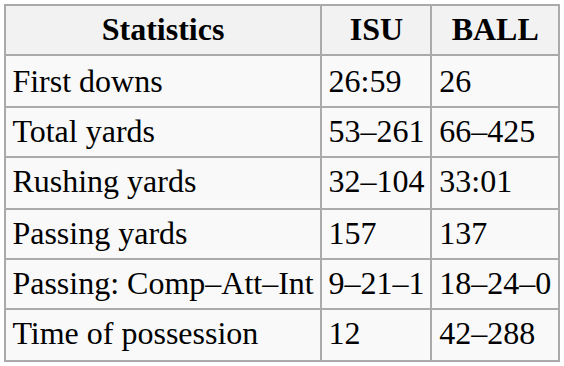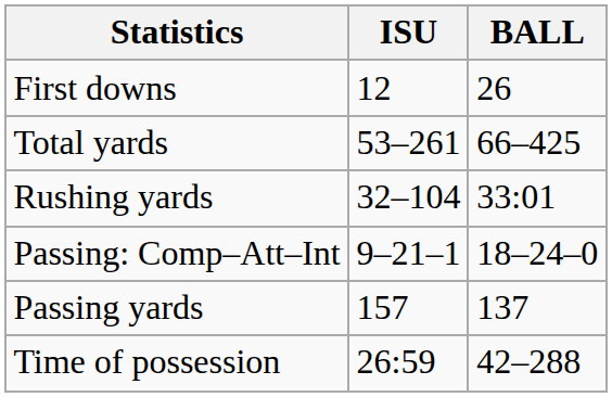 <table class="wikitable" style="float: left;">
 <tr>
 <th>Statistics</th>
 <th>ISU</th>
 <th>BALL</th>
 </tr>
 <tr>
 <td>First downs</td>
-<td>26:59</td>
+<td>12</td>
 <td>26</td>
 </tr>
 <tr>
 <td>Total yards</td>
 <td>53–261</td>
 <td>66–425</td>
 </tr>
 <tr>
 <td>Rushing yards</td>
 <td>32–104</td>
 <td>33:01</td>
 </tr>
 <tr>
+<td>Passing: Comp–Att–Int</td>
+<td>9–21–1</td>
+<td>18–24–0</td>
+</tr>
+<tr>
 <td>Passing yards</td>
 <td>157</td>
 <td>137</td>
 </tr>
 <tr>
-<td>Passing: Comp–Att–Int</td>
-<td>9–21–1</td>
-<td>18–24–0</td>
-</tr>
-<tr>
 <td>Time of possession</td>
-<td>12</td>
+<td>26:59</td>
 <td>42–288</td>
 </tr>
 <tr>
 </tr>
 </table>
